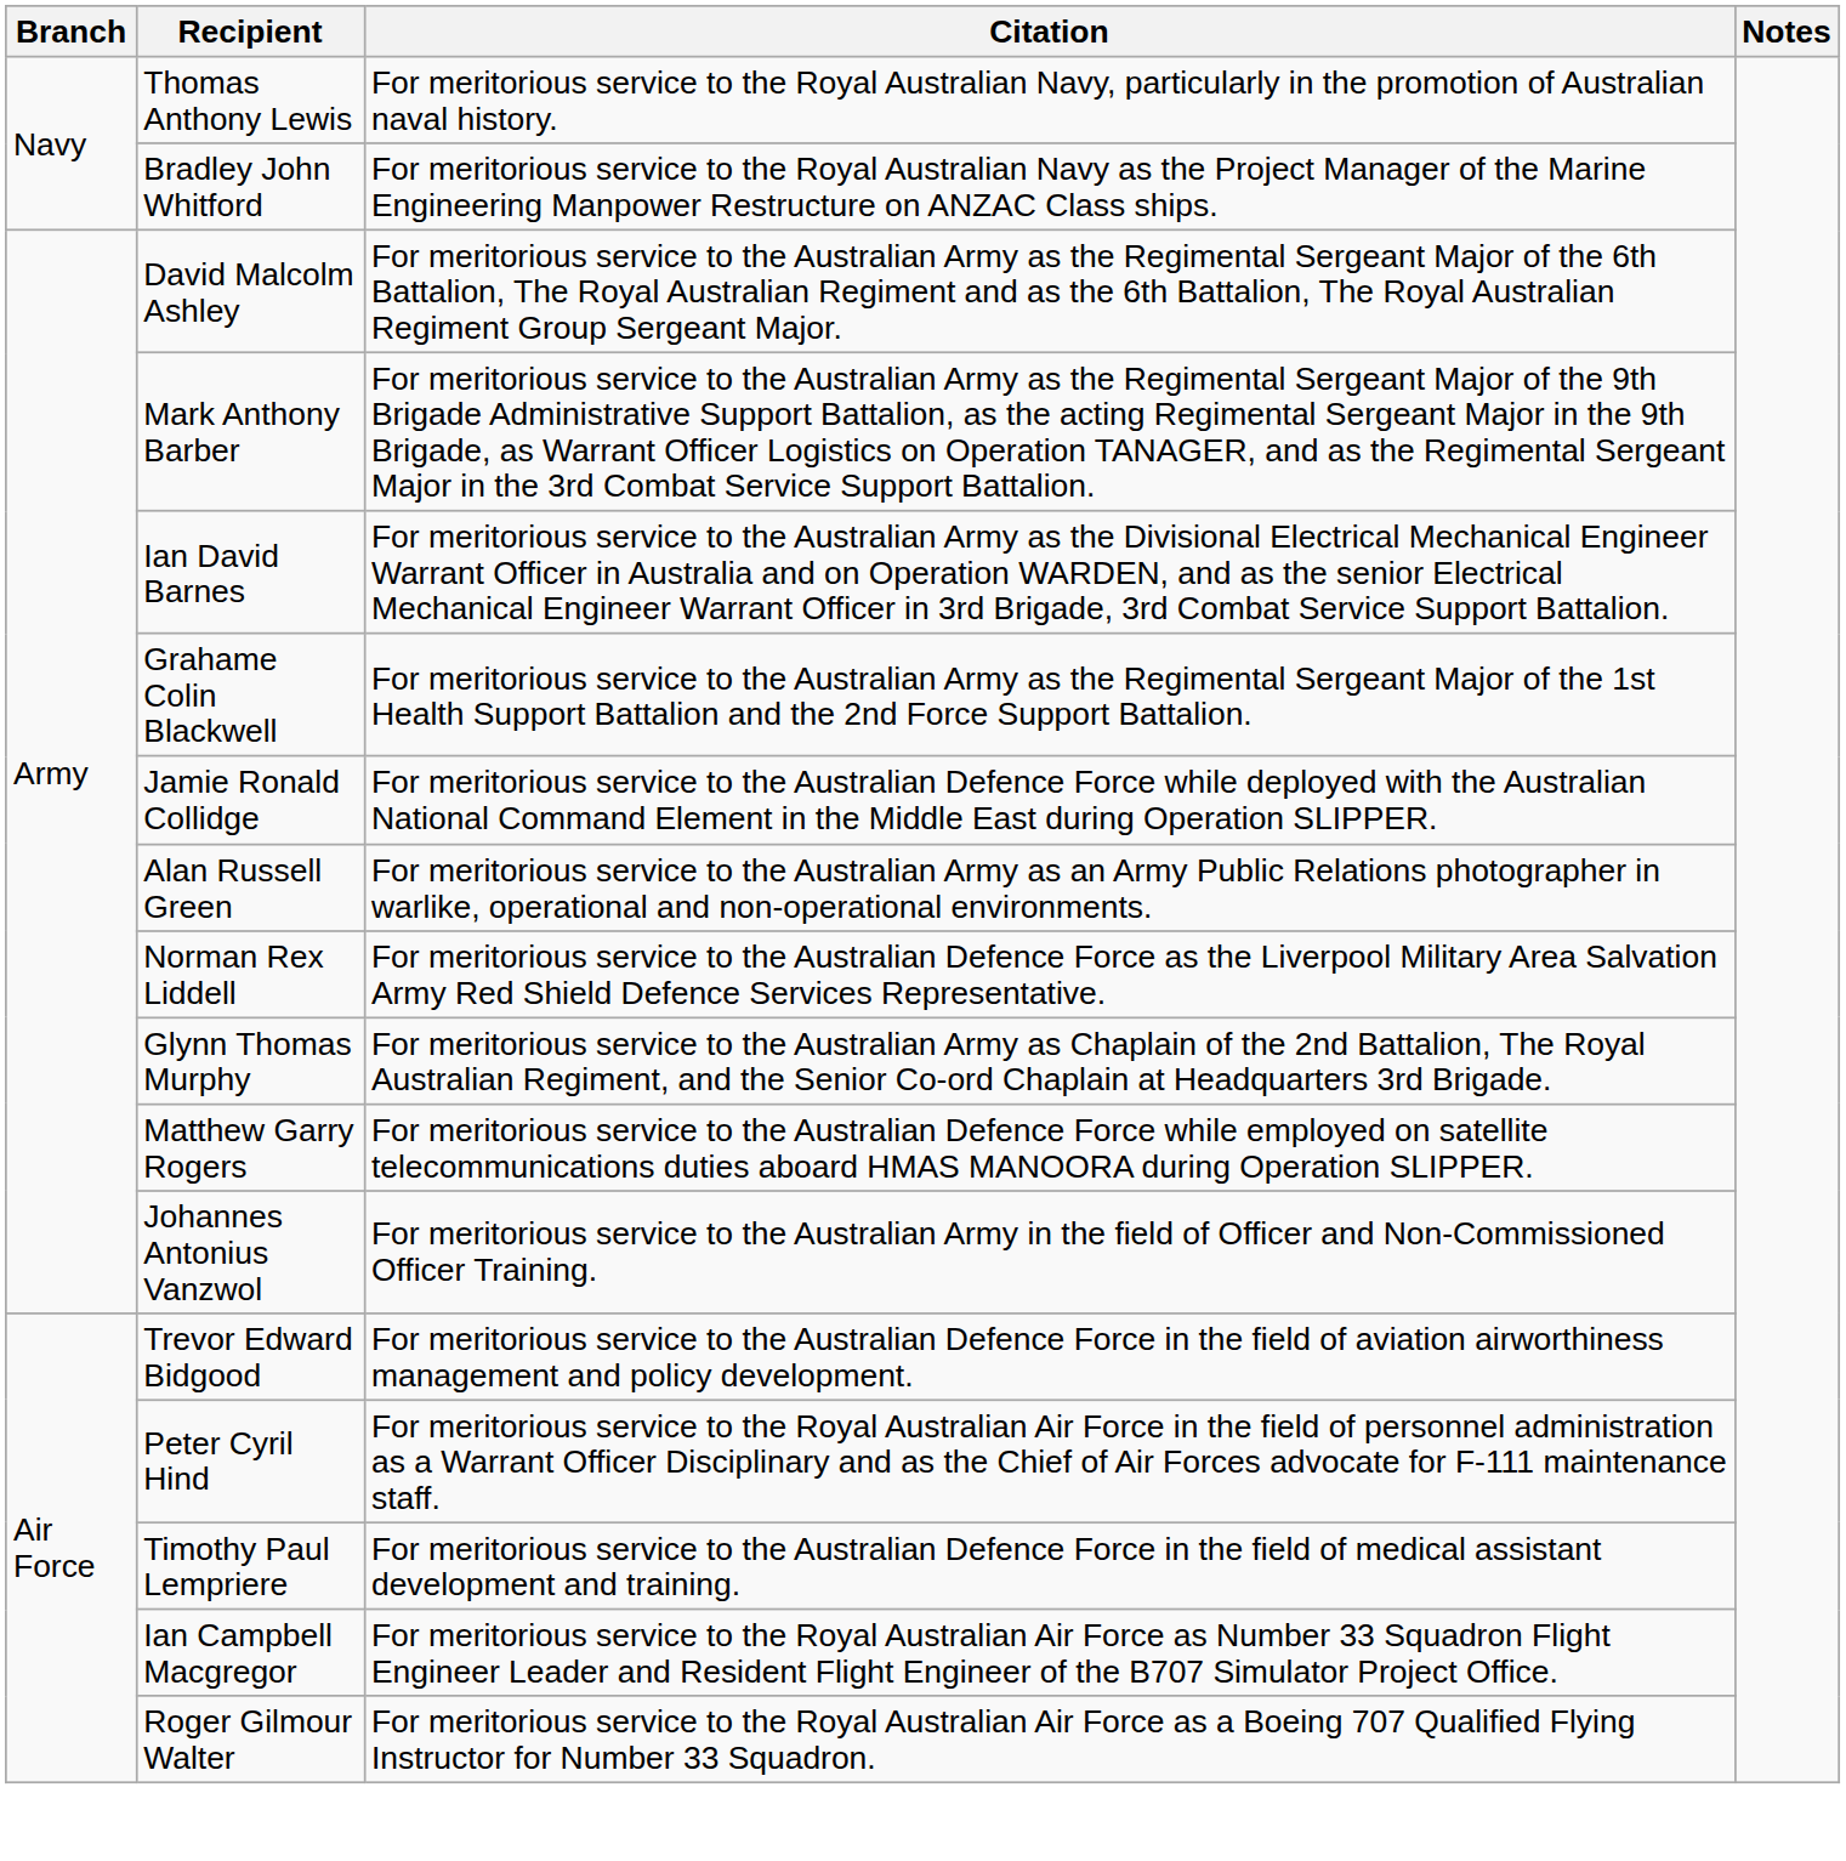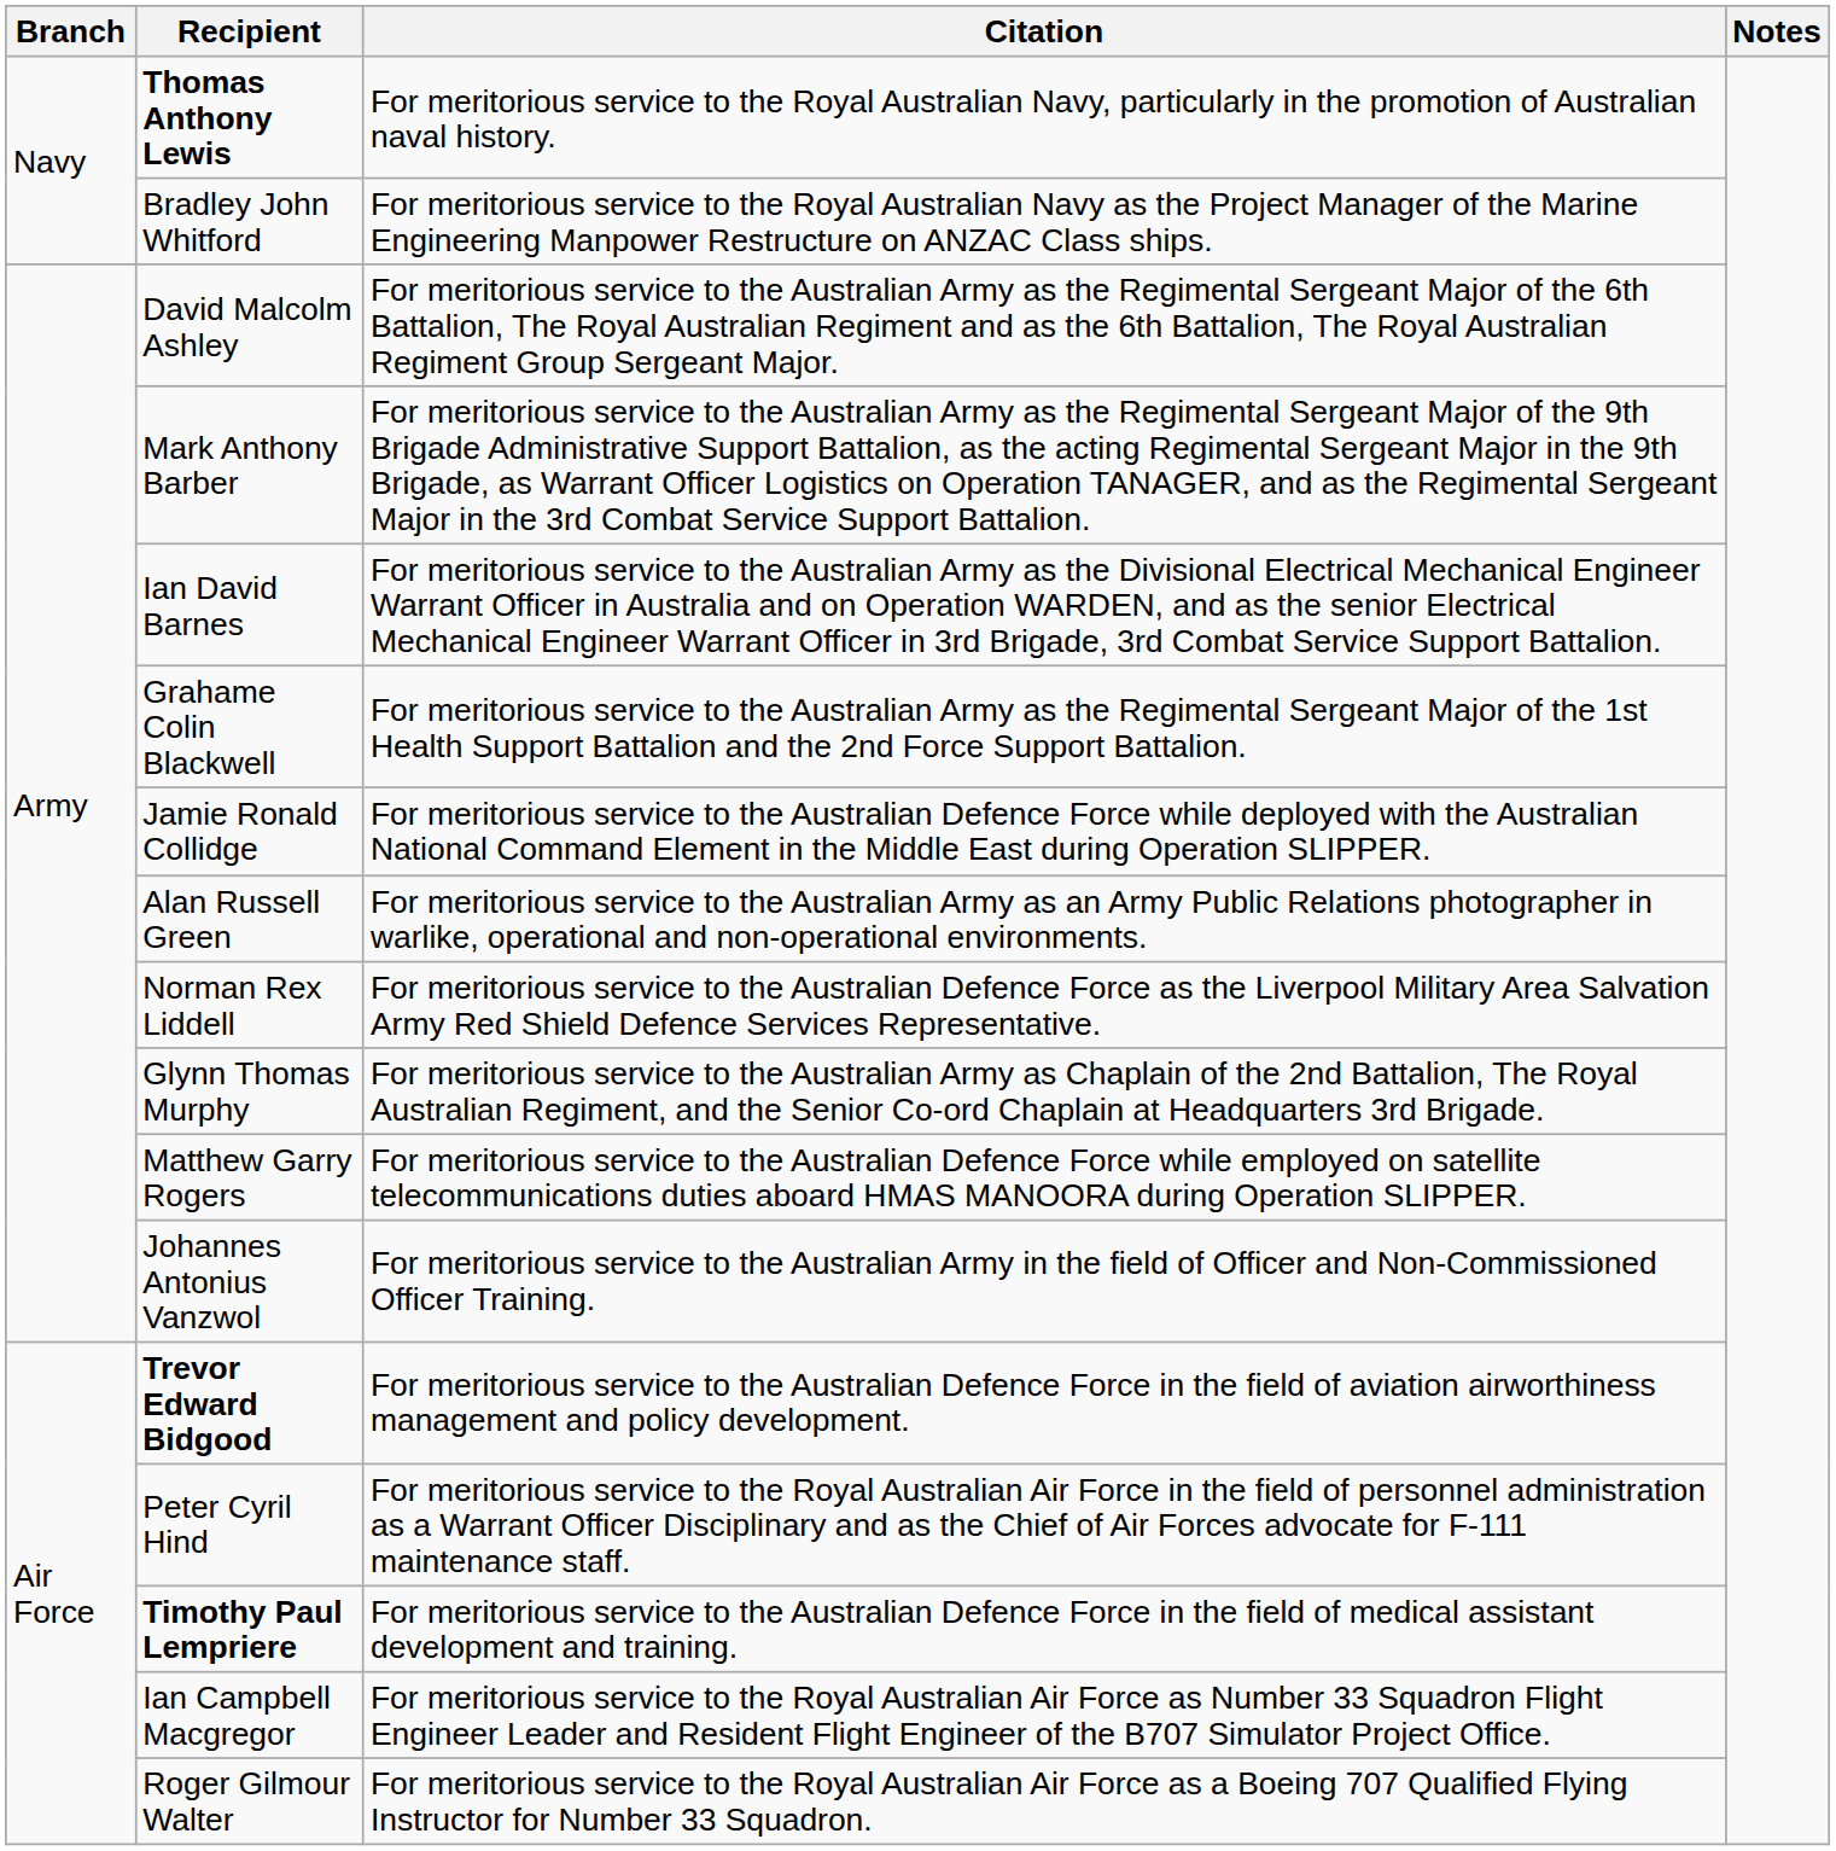 <table class="wikitable" style="font-size:95%;">
 <tr>
 <th>Branch</th>
 <th>Recipient</th>
 <th>Citation</th>
 <th>Notes</th>
 </tr>
 <tr>
 <td rowspan=2>Navy</td>
-<td> Thomas Anthony Lewis</td>
+<td><strong> Thomas Anthony Lewis</strong></td>
 <td>For meritorious service to the Royal Australian Navy, particularly in the promotion of Australian naval history.</td>
 <td rowspan=17></td>
 </tr>
 <tr>
 <td> Bradley John Whitford</td>
 <td>For meritorious service to the Royal Australian Navy as the Project Manager of the Marine Engineering Manpower Restructure on ANZAC Class ships.</td>
 </tr>
 <tr>
 <td rowspan=10>Army</td>
 <td> David Malcolm Ashley</td>
 <td>For meritorious service to the Australian Army as the Regimental Sergeant Major of the 6th Battalion, The Royal Australian Regiment and as the 6th Battalion, The Royal Australian Regiment Group Sergeant Major.</td>
 </tr>
 <tr>
 <td> Mark Anthony Barber</td>
 <td>For meritorious service to the Australian Army as the Regimental Sergeant Major of the 9th Brigade Administrative Support Battalion, as the acting Regimental Sergeant Major in the 9th Brigade, as Warrant Officer Logistics on Operation TANAGER, and as the Regimental Sergeant Major in the 3rd Combat Service Support Battalion.</td>
 </tr>
 <tr>
 <td> Ian David Barnes</td>
 <td>For meritorious service to the Australian Army as the Divisional Electrical Mechanical Engineer Warrant Officer in Australia and on Operation WARDEN, and as the senior Electrical Mechanical Engineer Warrant Officer in 3rd Brigade, 3rd Combat Service Support Battalion.</td>
 </tr>
 <tr>
 <td> Grahame Colin Blackwell</td>
 <td>For meritorious service to the Australian Army as the Regimental Sergeant Major of the 1st Health Support Battalion and the 2nd Force Support Battalion.</td>
 </tr>
 <tr>
 <td> Jamie Ronald Collidge</td>
 <td>For meritorious service to the Australian Defence Force while deployed with the Australian National Command Element in the Middle East during Operation SLIPPER.</td>
 </tr>
 <tr>
 <td> Alan Russell Green</td>
 <td>For meritorious service to the Australian Army as an Army Public Relations photographer in warlike, operational and non-operational environments.</td>
 </tr>
 <tr>
 <td> Norman Rex Liddell</td>
 <td>For meritorious service to the Australian Defence Force as the Liverpool Military Area Salvation Army Red Shield Defence Services Representative.</td>
 </tr>
 <tr>
 <td> Glynn Thomas Murphy</td>
 <td>For meritorious service to the Australian Army as Chaplain of the 2nd Battalion, The Royal Australian Regiment, and the Senior Co-ord Chaplain at Headquarters 3rd Brigade.</td>
 </tr>
 <tr>
 <td> Matthew Garry Rogers</td>
 <td>For meritorious service to the Australian Defence Force while employed on satellite telecommunications duties aboard HMAS MANOORA during Operation SLIPPER.</td>
 </tr>
 <tr>
 <td> Johannes Antonius Vanzwol</td>
 <td>For meritorious service to the Australian Army in the field of Officer and Non-Commissioned Officer Training.</td>
 </tr>
 <tr>
 <td rowspan=5>Air Force</td>
-<td> Trevor Edward Bidgood</td>
+<td><strong> Trevor Edward Bidgood</strong></td>
 <td>For meritorious service to the Australian Defence Force in the field of aviation airworthiness management and policy development.</td>
 </tr>
 <tr>
 <td> Peter Cyril Hind</td>
 <td>For meritorious service to the Royal Australian Air Force in the field of personnel administration as a Warrant Officer Disciplinary and as the Chief of Air Forces advocate for F-111 maintenance staff.</td>
 </tr>
 <tr>
-<td> Timothy Paul Lempriere</td>
+<td><strong> Timothy Paul Lempriere</strong></td>
 <td>For meritorious service to the Australian Defence Force in the field of medical assistant development and training.</td>
 </tr>
 <tr>
 <td> Ian Campbell Macgregor</td>
 <td>For meritorious service to the Royal Australian Air Force as Number 33 Squadron Flight Engineer Leader and Resident Flight Engineer of the B707 Simulator Project Office.</td>
 </tr>
 <tr>
 <td> Roger Gilmour Walter</td>
 <td>For meritorious service to the Royal Australian Air Force as a Boeing 707 Qualified Flying Instructor for Number 33 Squadron.</td>
 </tr>
 </table>
